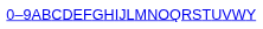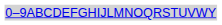 <table id="toc" class="toc" summary="Class">
 <tr>
 <th></th>
 </tr>
 <tr>
-<td style="text-align:center;"><a href='#'>0–9</a><a href='#'>A</a><a href='#'>B</a><a href='#'>C</a><a href='#'>D</a><a href='#'>E</a><a href='#'>F</a><a href='#'>G</a><a href='#'>H</a><a href='#'>I</a><a href='#'>J</a><a href='#'>L</a><a href='#'>M</a><a href='#'>N</a><a href='#'>O</a><a href='#'>Q</a><a href='#'>R</a><a href='#'>S</a><a href='#'>T</a><a href='#'>U</a><a href='#'>V</a><a href='#'>W</a><a href='#'>Y</a></td>
+<td style="background: lightgrey; text-align:center;"><a href='#'>0–9</a><a href='#'>A</a><a href='#'>B</a><a href='#'>C</a><a href='#'>D</a><a href='#'>E</a><a href='#'>F</a><a href='#'>G</a><a href='#'>H</a><a href='#'>I</a><a href='#'>J</a><a href='#'>L</a><a href='#'>M</a><a href='#'>N</a><a href='#'>O</a><a href='#'>Q</a><a href='#'>R</a><a href='#'>S</a><a href='#'>T</a><a href='#'>U</a><a href='#'>V</a><a href='#'>W</a><a href='#'>Y</a></td>
 </tr>
 </table>
